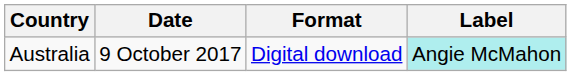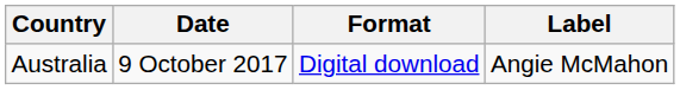 <table class="wikitable plainrowheaders">
 <tr>
 <th scope="col">Country</th>
 <th scope="col">Date</th>
 <th scope="col">Format</th>
 <th scope="col">Label</th>
 </tr>
 <tr>
 <td rowspan="3">Australia</td>
 <td>9 October 2017</td>
 <td><a href='#'>Digital download</a></td>
-<td style="background: paleturquoise;">Angie McMahon</td>
+<td>Angie McMahon</td>
 </tr>
 </table>
